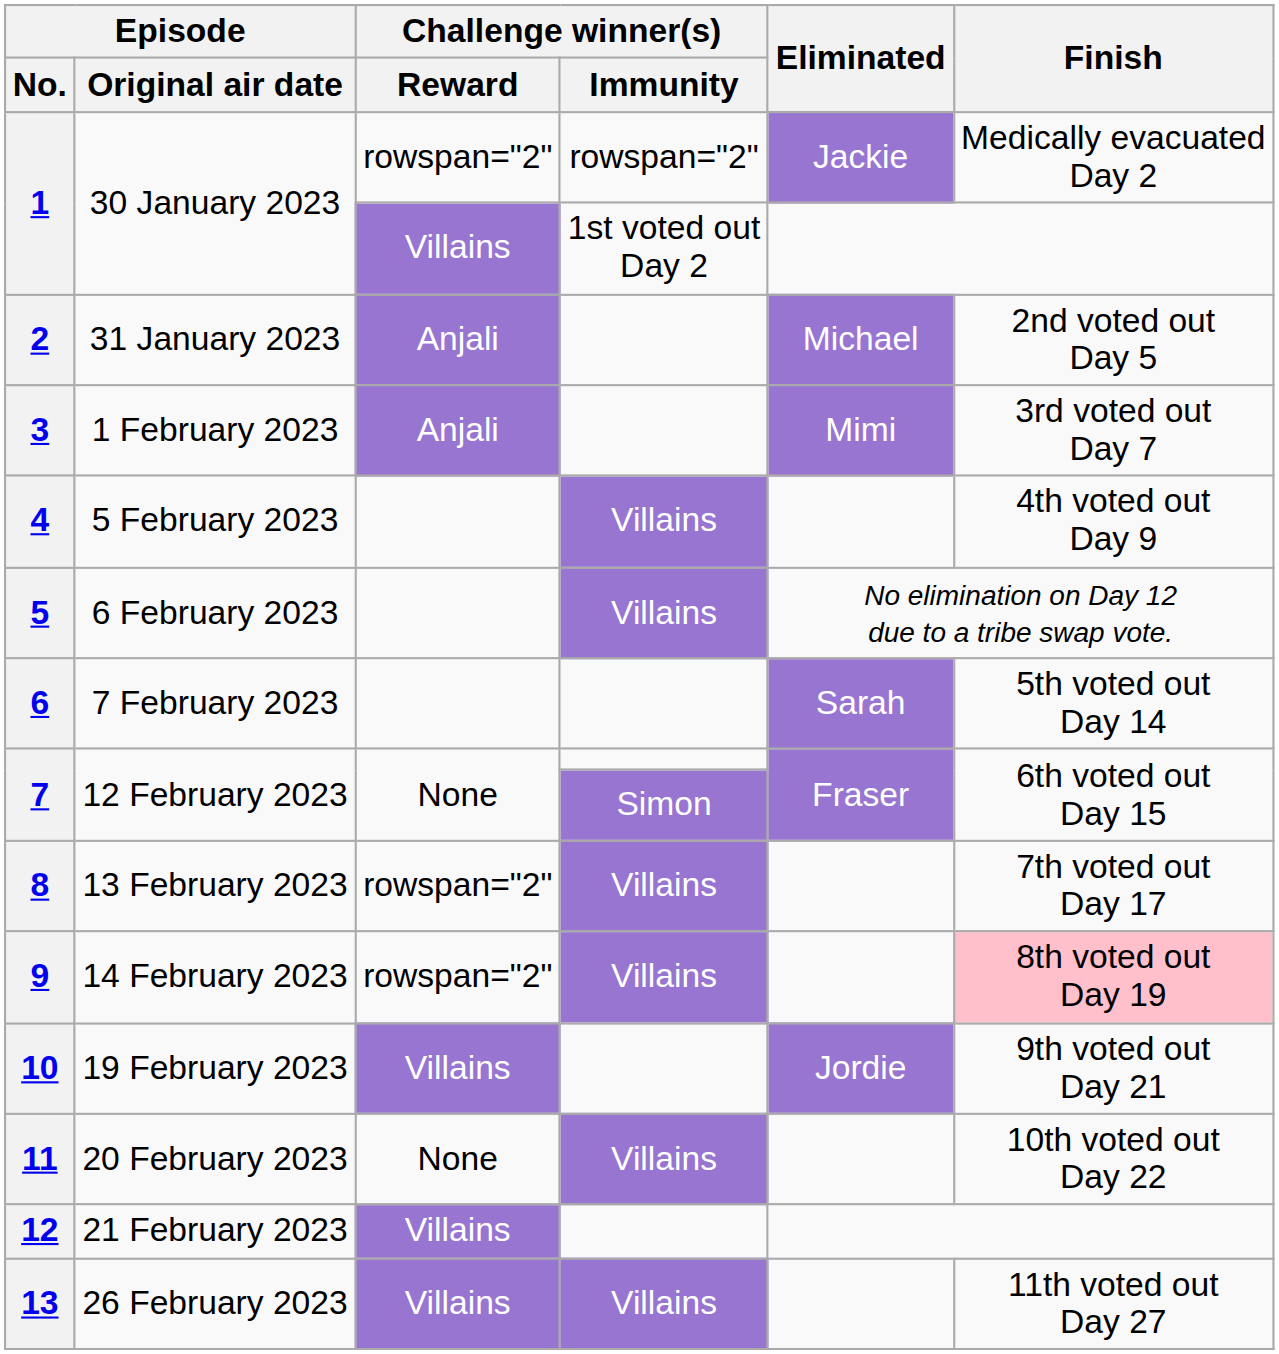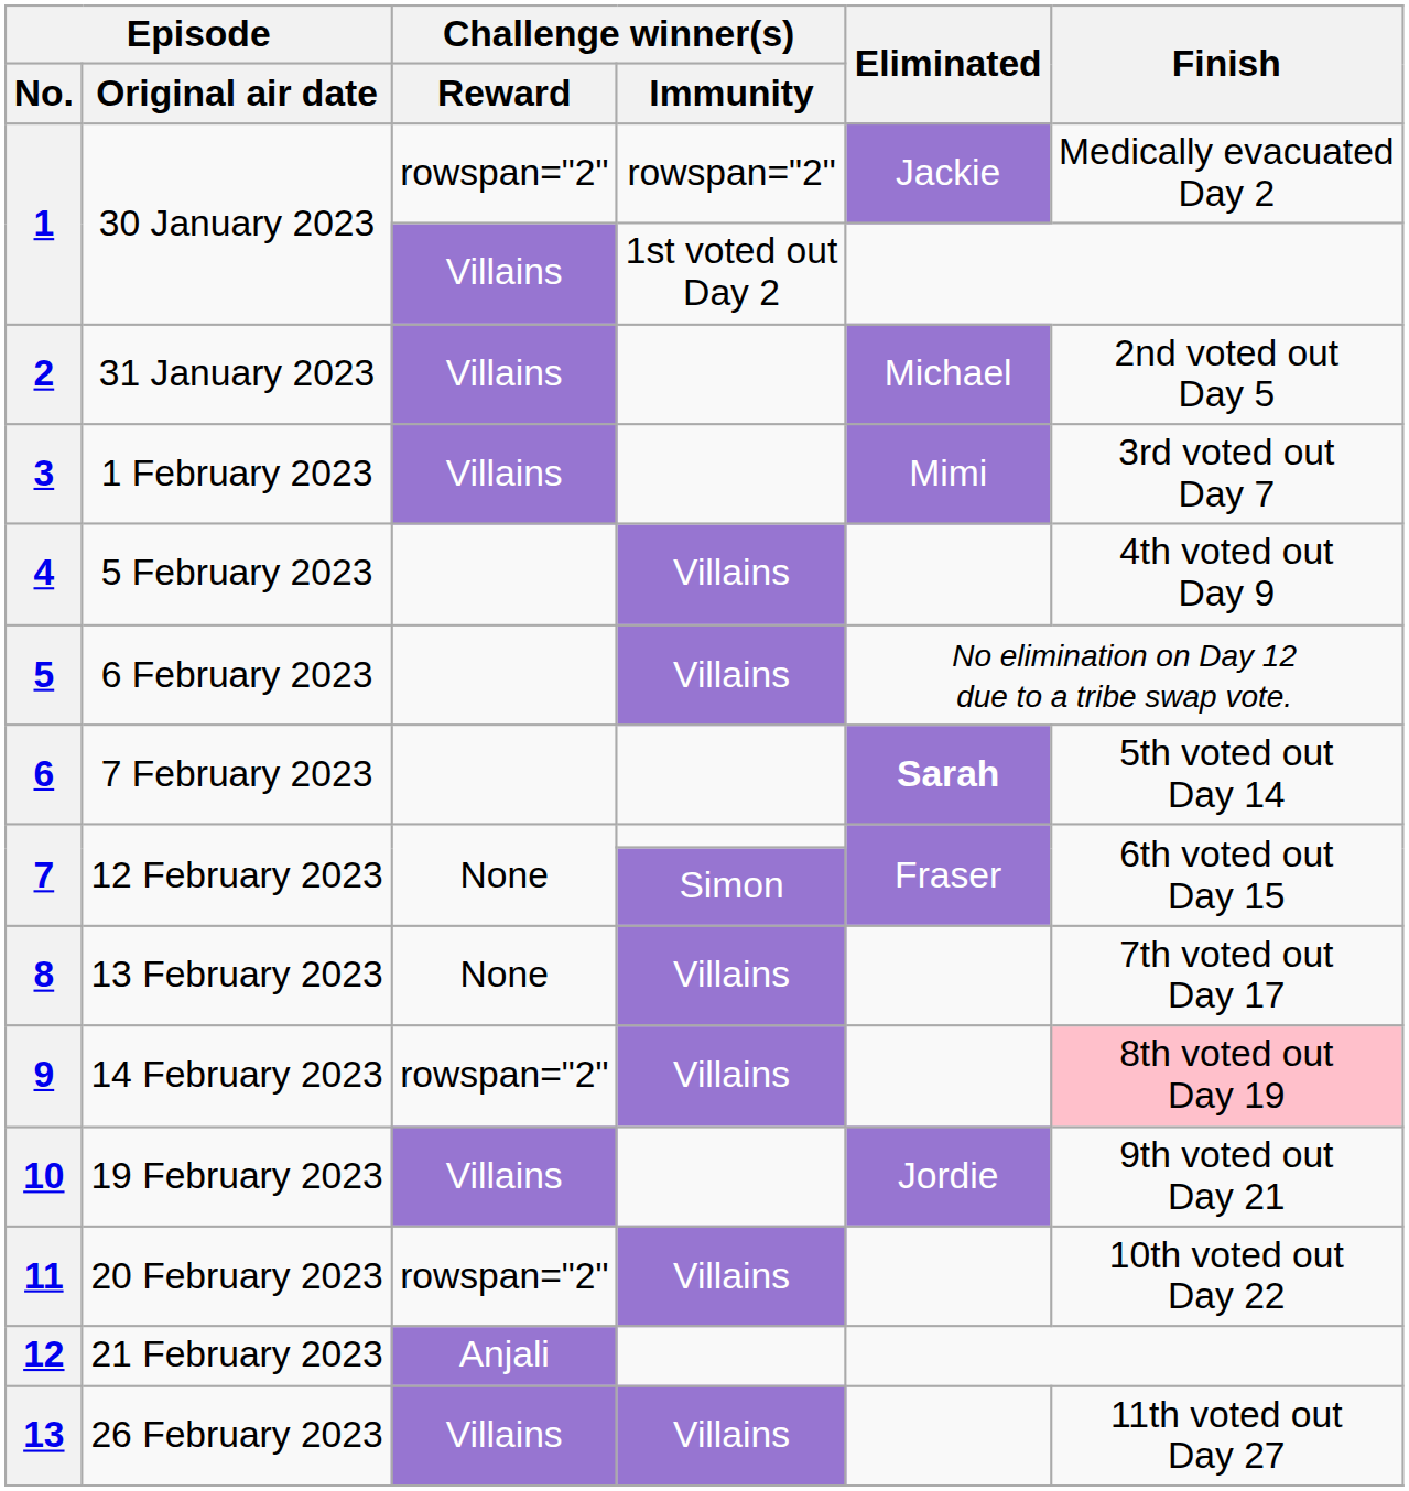 <table class="wikitable nowrap" style="text-align:center; font-size:100%">
 <tr>
 <th colspan="2">Episode</th>
 <th colspan="2">Challenge winner(s)</th>
 <th rowspan="2">Eliminated</th>
 <th rowspan="2">Finish</th>
 </tr>
 <tr>
 <th>No.</th>
 <th>Original air date</th>
 <th>Reward</th>
 <th>Immunity</th>
 </tr>
 <tr>
 <th rowspan="2"><a href='#'>1</a></th>
 <td rowspan="2">30 January 2023</td>
 <td>rowspan="2" </td>
 <td>rowspan="2" </td>
 <td style="background:#9775d1;color:white">Jackie</td>
 <td>Medically evacuated<br>Day 2</td>
 </tr>
 <tr>
 <td style="background:#9775d1;color:white">Villains</td>
 <td>1st voted out<br>Day 2</td>
 </tr>
 <tr>
 <th><a href='#'>2</a></th>
 <td>31 January 2023</td>
-<td style="background:#9775d1;color:white">Anjali</td>
+<td style="background:#9775d1;color:white">Villains</td>
 <td></td>
 <td style="background:#9775d1;color:white">Michael</td>
 <td>2nd voted out<br>Day 5</td>
 </tr>
 <tr>
 <th><a href='#'>3</a></th>
 <td>1 February 2023</td>
-<td style="background:#9775d1;color:white">Anjali</td>
+<td style="background:#9775d1;color:white">Villains</td>
 <td></td>
 <td style="background:#9775d1;color:white">Mimi</td>
 <td>3rd voted out<br>Day 7</td>
 </tr>
 <tr>
 <th><a href='#'>4</a></th>
 <td>5 February 2023</td>
 <td></td>
 <td style="background:#9775d1;color:white">Villains</td>
 <td></td>
 <td>4th voted out<br>Day 9</td>
 </tr>
 <tr>
 <th><a href='#'>5</a></th>
 <td>6 February 2023</td>
 <td></td>
 <td style="background:#9775d1;color:white">Villains</td>
 <td colspan="2"><em><small>No elimination on Day 12<br>due to a tribe swap vote.</small></em></td>
 </tr>
 <tr>
 <th><a href='#'>6</a></th>
 <td>7 February 2023</td>
 <td></td>
 <td></td>
-<td style="background:#9775d1;color:white">Sarah</td>
+<td style="background:#9775d1;color:white"><strong>Sarah</strong></td>
 <td>5th voted out<br>Day 14</td>
 </tr>
 <tr>
 <th rowspan="2"><a href='#'>7</a></th>
 <td rowspan="2">12 February 2023</td>
 <td rowspan="2">None</td>
 <td></td>
 <td rowspan="2" style="background:#9775d1;color:white">Fraser</td>
 <td rowspan="2">6th voted out<br>Day 15</td>
 </tr>
 <tr>
 <td style="background:#9775d1;color:white">Simon</td>
 </tr>
 <tr>
 <th><a href='#'>8</a></th>
 <td>13 February 2023</td>
-<td>rowspan="2" </td>
+<td>None</td>
 <td style="background:#9775d1;color:white">Villains</td>
 <td></td>
 <td>7th voted out<br>Day 17</td>
 </tr>
 <tr>
 <th><a href='#'>9</a></th>
 <td>14 February 2023</td>
 <td>rowspan="2" </td>
 <td style="background:#9775d1;color:white">Villains</td>
 <td></td>
 <td style="background: pink;">8th voted out<br>Day 19</td>
 </tr>
 <tr>
 <th><a href='#'>10</a></th>
 <td>19 February 2023</td>
 <td style="background:#9775d1;color:white">Villains</td>
 <td></td>
 <td style="background:#9775d1;color:white">Jordie</td>
 <td>9th voted out<br>Day 21</td>
 </tr>
 <tr>
 <th><a href='#'>11</a></th>
 <td>20 February 2023</td>
-<td>None</td>
+<td>rowspan="2" </td>
 <td style="background:#9775d1;color:white">Villains</td>
 <td></td>
 <td>10th voted out<br>Day 22</td>
 </tr>
 <tr>
 <th><a href='#'>12</a></th>
 <td>21 February 2023</td>
-<td style="background:#9775d1;color:white">Villains</td>
+<td style="background:#9775d1;color:white">Anjali</td>
 <td></td>
 <td colspan="2"><small><em></em></small></td>
 </tr>
 <tr>
 <th><a href='#'>13</a></th>
 <td>26 February 2023</td>
 <td style="background:#9775d1;color:white">Villains</td>
 <td style="background:#9775d1;color:white">Villains</td>
 <td></td>
 <td>11th voted out<br>Day 27</td>
 </tr>
 <tr>
 </tr>
 </table>
